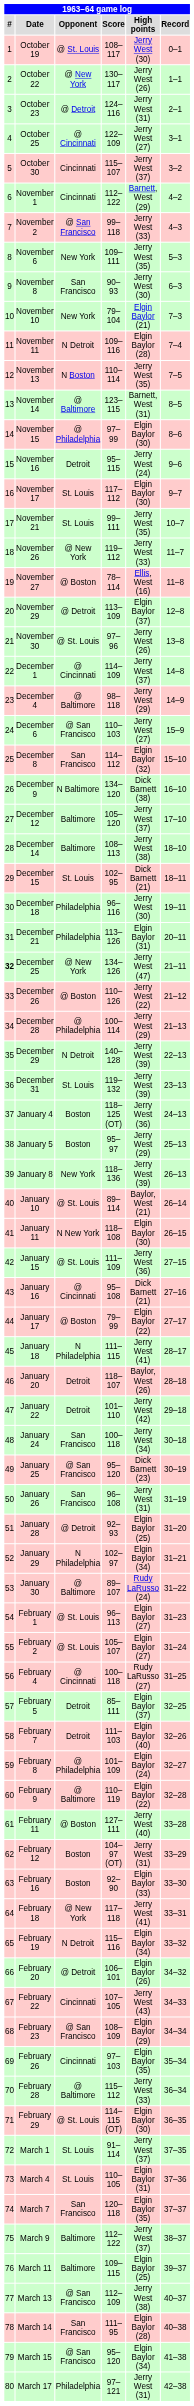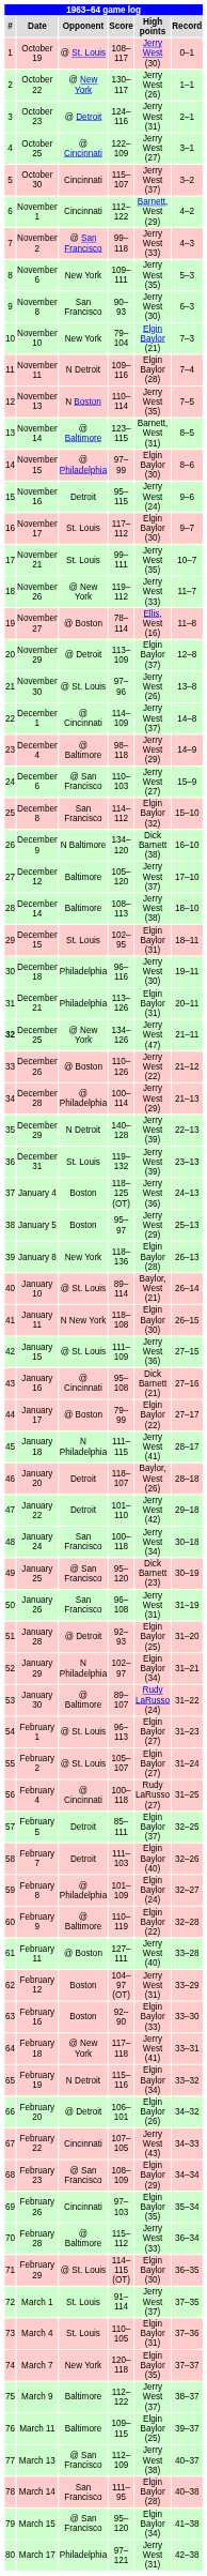 <table class="toccolours collapsible" width=50% style="clear:both; margin:1.5em auto; text-align:center">
 <tr>
 <th colspan=11 style="background:#0000FF; color:#FFFFFF;">1963–64 game log</th>
 </tr>
 <tr align="center" bgcolor="#dddddd">
 <td><strong>#</strong></td>
 <td><strong>Date</strong></td>
 <td><strong>Opponent</strong></td>
 <td><strong>Score</strong></td>
 <td><strong>High points</strong></td>
 <td><strong>Record</strong></td>
 </tr>
 <tr align="center" bgcolor="ffcccc">
 <td>1</td>
 <td>October 19</td>
 <td>@ <a href='#'>St. Louis</a></td>
 <td>108–117</td>
 <td><a href='#'>Jerry West</a> (30)</td>
 <td>0–1</td>
 </tr>
 <tr align="center" bgcolor="ccffcc">
 <td>2</td>
 <td>October 22</td>
 <td>@ <a href='#'>New York</a></td>
 <td>130–117</td>
 <td>Jerry West (26)</td>
 <td>1–1</td>
 </tr>
 <tr align="center" bgcolor="ccffcc">
 <td>3</td>
 <td>October 23</td>
 <td>@ <a href='#'>Detroit</a></td>
 <td>124–116</td>
 <td>Jerry West (31)</td>
 <td>2–1</td>
 </tr>
 <tr align="center" bgcolor="ccffcc">
 <td>4</td>
 <td>October 25</td>
 <td>@ <a href='#'>Cincinnati</a></td>
 <td>122–109</td>
 <td>Jerry West (27)</td>
 <td>3–1</td>
 </tr>
 <tr align="center" bgcolor="ffcccc">
 <td>5</td>
 <td>October 30</td>
 <td>Cincinnati</td>
 <td>115–107</td>
 <td>Jerry West (37)</td>
 <td>3–2</td>
 </tr>
 <tr align="center" bgcolor="ccffcc">
 <td>6</td>
 <td>November 1</td>
 <td>Cincinnati</td>
 <td>112–122</td>
 <td><a href='#'>Barnett</a>, West (29)</td>
 <td>4–2</td>
 </tr>
 <tr align="center" bgcolor="ffcccc">
 <td>7</td>
 <td>November 2</td>
 <td>@ <a href='#'>San Francisco</a></td>
 <td>99–118</td>
 <td>Jerry West (33)</td>
 <td>4–3</td>
 </tr>
 <tr align="center" bgcolor="ccffcc">
 <td>8</td>
 <td>November 6</td>
 <td>New York</td>
 <td>109–111</td>
 <td>Jerry West (35)</td>
 <td>5–3</td>
 </tr>
 <tr align="center" bgcolor="ccffcc">
 <td>9</td>
 <td>November 8</td>
 <td>San Francisco</td>
 <td>90–93</td>
 <td>Jerry West (30)</td>
 <td>6–3</td>
 </tr>
 <tr align="center" bgcolor="ccffcc">
 <td>10</td>
 <td>November 10</td>
 <td>New York</td>
 <td>79–104</td>
 <td><a href='#'>Elgin Baylor</a> (21)</td>
 <td>7–3</td>
 </tr>
 <tr align="center" bgcolor="ffcccc">
 <td>11</td>
 <td>November 11</td>
 <td>N Detroit</td>
 <td>109–116</td>
 <td>Elgin Baylor (28)</td>
 <td>7–4</td>
 </tr>
 <tr align="center" bgcolor="ffcccc">
 <td>12</td>
 <td>November 13</td>
 <td>N <a href='#'>Boston</a></td>
 <td>110–114</td>
 <td>Jerry West (35)</td>
 <td>7–5</td>
 </tr>
 <tr align="center" bgcolor="ccffcc">
 <td>13</td>
 <td>November 14</td>
 <td>@ <a href='#'>Baltimore</a></td>
 <td>123–115</td>
 <td>Barnett, West (31)</td>
 <td>8–5</td>
 </tr>
 <tr align="center" bgcolor="ffcccc">
 <td>14</td>
 <td>November 15</td>
 <td>@ <a href='#'>Philadelphia</a></td>
 <td>97–99</td>
 <td>Elgin Baylor (30)</td>
 <td>8–6</td>
 </tr>
 <tr align="center" bgcolor="ccffcc">
 <td>15</td>
 <td>November 16</td>
 <td>Detroit</td>
 <td>95–115</td>
 <td>Jerry West (24)</td>
 <td>9–6</td>
 </tr>
 <tr align="center" bgcolor="ffcccc">
 <td>16</td>
 <td>November 17</td>
 <td>St. Louis</td>
 <td>117–112</td>
 <td>Elgin Baylor (30)</td>
 <td>9–7</td>
 </tr>
 <tr align="center" bgcolor="ccffcc">
 <td>17</td>
 <td>November 21</td>
 <td>St. Louis</td>
 <td>99–111</td>
 <td>Jerry West (35)</td>
 <td>10–7</td>
 </tr>
 <tr align="center" bgcolor="ccffcc">
 <td>18</td>
 <td>November 26</td>
 <td>@ New York</td>
 <td>119–112</td>
 <td>Jerry West (33)</td>
 <td>11–7</td>
 </tr>
 <tr align="center" bgcolor="ffcccc">
 <td>19</td>
 <td>November 27</td>
 <td>@ Boston</td>
 <td>78–114</td>
 <td><a href='#'>Ellis</a>, West (16)</td>
 <td>11–8</td>
 </tr>
 <tr align="center" bgcolor="ccffcc">
 <td>20</td>
 <td>November 29</td>
 <td>@ Detroit</td>
 <td>113–109</td>
 <td>Elgin Baylor (37)</td>
 <td>12–8</td>
 </tr>
 <tr align="center" bgcolor="ccffcc">
 <td>21</td>
 <td>November 30</td>
 <td>@ St. Louis</td>
 <td>97–96</td>
 <td>Jerry West (26)</td>
 <td>13–8</td>
 </tr>
 <tr align="center" bgcolor="ccffcc">
 <td>22</td>
 <td>December 1</td>
 <td>@ Cincinnati</td>
 <td>114–109</td>
 <td>Jerry West (37)</td>
 <td>14–8</td>
 </tr>
 <tr align="center" bgcolor="ffcccc">
 <td>23</td>
 <td>December 4</td>
 <td>@ Baltimore</td>
 <td>98–118</td>
 <td>Jerry West (29)</td>
 <td>14–9</td>
 </tr>
 <tr align="center" bgcolor="ccffcc">
 <td>24</td>
 <td>December 6</td>
 <td>@ San Francisco</td>
 <td>110–103</td>
 <td>Jerry West (27)</td>
 <td>15–9</td>
 </tr>
 <tr align="center" bgcolor="ffcccc">
 <td>25</td>
 <td>December 8</td>
 <td>San Francisco</td>
 <td>114–112</td>
 <td>Elgin Baylor (32)</td>
 <td>15–10</td>
 </tr>
 <tr align="center" bgcolor="ccffcc">
 <td>26</td>
 <td>December 9</td>
 <td>N Baltimore</td>
 <td>134–120</td>
 <td>Dick Barnett (38)</td>
 <td>16–10</td>
 </tr>
 <tr align="center" bgcolor="ccffcc">
 <td>27</td>
 <td>December 12</td>
 <td>Baltimore</td>
 <td>105–120</td>
 <td>Jerry West (37)</td>
 <td>17–10</td>
 </tr>
 <tr align="center" bgcolor="ccffcc">
 <td>28</td>
 <td>December 14</td>
 <td>Baltimore</td>
 <td>108–113</td>
 <td>Jerry West (38)</td>
 <td>18–10</td>
 </tr>
 <tr align="center" bgcolor="ffcccc">
 <td>29</td>
 <td>December 15</td>
 <td>St. Louis</td>
 <td>102–95</td>
-<td>Dick Barnett (21)</td>
+<td>Elgin Baylor (31)</td>
 <td>18–11</td>
 </tr>
 <tr align="center" bgcolor="ccffcc">
 <td>30</td>
 <td>December 18</td>
 <td>Philadelphia</td>
 <td>96–116</td>
 <td>Jerry West (30)</td>
 <td>19–11</td>
 </tr>
 <tr align="center" bgcolor="ccffcc">
 <td>31</td>
 <td>December 21</td>
 <td>Philadelphia</td>
 <td>113–126</td>
 <td>Elgin Baylor (31)</td>
 <td>20–11</td>
 </tr>
 <tr align="center" bgcolor="ccffcc">
 <td><strong>32</strong></td>
 <td>December 25</td>
 <td>@ New York</td>
 <td>134–126</td>
 <td>Jerry West (47)</td>
 <td>21–11</td>
 </tr>
 <tr align="center" bgcolor="ffcccc">
 <td>33</td>
 <td>December 26</td>
 <td>@ Boston</td>
 <td>110–126</td>
 <td>Jerry West (22)</td>
 <td>21–12</td>
 </tr>
 <tr align="center" bgcolor="ffcccc">
 <td>34</td>
 <td>December 28</td>
 <td>@ Philadelphia</td>
 <td>100–114</td>
 <td>Jerry West (29)</td>
 <td>21–13</td>
 </tr>
 <tr align="center" bgcolor="ccffcc">
 <td>35</td>
 <td>December 29</td>
 <td>N Detroit</td>
 <td>140–128</td>
 <td>Jerry West (39)</td>
 <td>22–13</td>
 </tr>
 <tr align="center" bgcolor="ccffcc">
 <td>36</td>
 <td>December 31</td>
 <td>St. Louis</td>
 <td>119–132</td>
 <td>Jerry West (39)</td>
 <td>23–13</td>
 </tr>
 <tr align="center" bgcolor="ccffcc">
 <td>37</td>
 <td>January 4</td>
 <td>Boston</td>
 <td>118–125 (OT)</td>
 <td>Jerry West (36)</td>
 <td>24–13</td>
 </tr>
 <tr align="center" bgcolor="ccffcc">
 <td>38</td>
 <td>January 5</td>
 <td>Boston</td>
 <td>95–97</td>
 <td>Jerry West (29)</td>
 <td>25–13</td>
 </tr>
 <tr align="center" bgcolor="ccffcc">
 <td>39</td>
 <td>January 8</td>
 <td>New York</td>
 <td>118–136</td>
-<td>Jerry West (39)</td>
+<td>Elgin Baylor (28)</td>
 <td>26–13</td>
 </tr>
 <tr align="center" bgcolor="ffcccc">
 <td>40</td>
 <td>January 10</td>
 <td>@ St. Louis</td>
 <td>89–114</td>
 <td>Baylor, West (21)</td>
 <td>26–14</td>
 </tr>
 <tr align="center" bgcolor="ffcccc">
 <td>41</td>
 <td>January 11</td>
 <td>N New York</td>
 <td>118–108</td>
 <td>Elgin Baylor (30)</td>
 <td>26–15</td>
 </tr>
 <tr align="center" bgcolor="ccffcc">
 <td>42</td>
 <td>January 15</td>
 <td>@ St. Louis</td>
 <td>111–109</td>
 <td>Jerry West (36)</td>
 <td>27–15</td>
 </tr>
 <tr align="center" bgcolor="ffcccc">
 <td>43</td>
 <td>January 16</td>
 <td>@ Cincinnati</td>
 <td>95–108</td>
 <td>Dick Barnett (21)</td>
 <td>27–16</td>
 </tr>
 <tr align="center" bgcolor="ffcccc">
 <td>44</td>
 <td>January 17</td>
 <td>@ Boston</td>
 <td>79–99</td>
 <td>Elgin Baylor (22)</td>
 <td>27–17</td>
 </tr>
 <tr align="center" bgcolor="ccffcc">
 <td>45</td>
 <td>January 18</td>
 <td>N Philadelphia</td>
 <td>111–115</td>
 <td>Jerry West (41)</td>
 <td>28–17</td>
 </tr>
 <tr align="center" bgcolor="ffcccc">
 <td>46</td>
 <td>January 20</td>
 <td>Detroit</td>
 <td>118–107</td>
 <td>Baylor, West (26)</td>
 <td>28–18</td>
 </tr>
 <tr align="center" bgcolor="ccffcc">
 <td>47</td>
 <td>January 22</td>
 <td>Detroit</td>
 <td>101–110</td>
 <td>Jerry West (42)</td>
 <td>29–18</td>
 </tr>
 <tr align="center" bgcolor="ccffcc">
 <td>48</td>
 <td>January 24</td>
 <td>San Francisco</td>
 <td>100–118</td>
 <td>Jerry West (34)</td>
 <td>30–18</td>
 </tr>
 <tr align="center" bgcolor="ffcccc">
 <td>49</td>
 <td>January 25</td>
 <td>@ San Francisco</td>
 <td>95–120</td>
 <td>Dick Barnett (23)</td>
 <td>30–19</td>
 </tr>
 <tr align="center" bgcolor="ccffcc">
 <td>50</td>
 <td>January 26</td>
 <td>San Francisco</td>
 <td>96–108</td>
 <td>Jerry West (31)</td>
 <td>31–19</td>
 </tr>
 <tr align="center" bgcolor="ffcccc">
 <td>51</td>
 <td>January 28</td>
 <td>@ Detroit</td>
 <td>92–93</td>
 <td>Elgin Baylor (25)</td>
 <td>31–20</td>
 </tr>
 <tr align="center" bgcolor="ffcccc">
 <td>52</td>
 <td>January 29</td>
 <td>N Philadelphia</td>
 <td>102–97</td>
 <td>Elgin Baylor (34)</td>
 <td>31–21</td>
 </tr>
 <tr align="center" bgcolor="ffcccc">
 <td>53</td>
 <td>January 30</td>
 <td>@ Baltimore</td>
 <td>89–107</td>
 <td><a href='#'>Rudy LaRusso</a> (24)</td>
 <td>31–22</td>
 </tr>
 <tr align="center" bgcolor="ffcccc">
 <td>54</td>
 <td>February 1</td>
 <td>@ St. Louis</td>
 <td>96–113</td>
 <td>Elgin Baylor (27)</td>
 <td>31–23</td>
 </tr>
 <tr align="center" bgcolor="ffcccc">
 <td>55</td>
 <td>February 2</td>
 <td>@ St. Louis</td>
 <td>105–107</td>
 <td>Elgin Baylor (27)</td>
 <td>31–24</td>
 </tr>
 <tr align="center" bgcolor="ffcccc">
 <td>56</td>
 <td>February 4</td>
 <td>@ Cincinnati</td>
 <td>100–118</td>
 <td>Rudy LaRusso (27)</td>
 <td>31–25</td>
 </tr>
 <tr align="center" bgcolor="ccffcc">
 <td>57</td>
 <td>February 5</td>
 <td>Detroit</td>
 <td>85–111</td>
 <td>Elgin Baylor (37)</td>
 <td>32–25</td>
 </tr>
 <tr align="center" bgcolor="ffcccc">
 <td>58</td>
 <td>February 7</td>
 <td>Detroit</td>
 <td>111–103</td>
 <td>Elgin Baylor (40)</td>
 <td>32–26</td>
 </tr>
 <tr align="center" bgcolor="ffcccc">
 <td>59</td>
 <td>February 8</td>
 <td>@ Philadelphia</td>
 <td>101–109</td>
 <td>Elgin Baylor (24)</td>
 <td>32–27</td>
 </tr>
 <tr align="center" bgcolor="ffcccc">
 <td>60</td>
 <td>February 9</td>
 <td>@ Baltimore</td>
 <td>110–119</td>
 <td>Elgin Baylor (22)</td>
 <td>32–28</td>
 </tr>
 <tr align="center" bgcolor="ccffcc">
 <td>61</td>
 <td>February 11</td>
 <td>@ Boston</td>
 <td>127–111</td>
 <td>Jerry West (40)</td>
 <td>33–28</td>
 </tr>
 <tr align="center" bgcolor="ffcccc">
 <td>62</td>
 <td>February 12</td>
 <td>Boston</td>
 <td>104–97 (OT)</td>
 <td>Jerry West (31)</td>
 <td>33–29</td>
 </tr>
 <tr align="center" bgcolor="ffcccc">
 <td>63</td>
 <td>February 16</td>
 <td>Boston</td>
 <td>92–90</td>
 <td>Elgin Baylor (33)</td>
 <td>33–30</td>
 </tr>
 <tr align="center" bgcolor="ffcccc">
 <td>64</td>
 <td>February 18</td>
 <td>@ New York</td>
 <td>117–118</td>
 <td>Jerry West (41)</td>
 <td>33–31</td>
 </tr>
 <tr align="center" bgcolor="ffcccc">
 <td>65</td>
 <td>February 19</td>
 <td>N Detroit</td>
 <td>115–116</td>
 <td>Elgin Baylor (34)</td>
 <td>33–32</td>
 </tr>
 <tr align="center" bgcolor="ccffcc">
 <td>66</td>
 <td>February 20</td>
 <td>@ Detroit</td>
 <td>106–101</td>
 <td>Elgin Baylor (26)</td>
 <td>34–32</td>
 </tr>
 <tr align="center" bgcolor="ffcccc">
 <td>67</td>
 <td>February 22</td>
 <td>Cincinnati</td>
 <td>107–105</td>
 <td>Jerry West (43)</td>
 <td>34–33</td>
 </tr>
 <tr align="center" bgcolor="ffcccc">
 <td>68</td>
 <td>February 23</td>
 <td>@ San Francisco</td>
 <td>108–109</td>
 <td>Elgin Baylor (29)</td>
 <td>34–34</td>
 </tr>
 <tr align="center" bgcolor="ccffcc">
 <td>69</td>
 <td>February 26</td>
 <td>Cincinnati</td>
 <td>97–103</td>
 <td>Elgin Baylor (35)</td>
 <td>35–34</td>
 </tr>
 <tr align="center" bgcolor="ccffcc">
 <td>70</td>
 <td>February 28</td>
 <td>@ Baltimore</td>
 <td>115–112</td>
 <td>Jerry West (33)</td>
 <td>36–34</td>
 </tr>
 <tr align="center" bgcolor="ffcccc">
 <td>71</td>
 <td>February 29</td>
 <td>@ St. Louis</td>
 <td>114–115 (OT)</td>
 <td>Elgin Baylor (30)</td>
 <td>36–35</td>
 </tr>
 <tr align="center" bgcolor="ccffcc">
 <td>72</td>
 <td>March 1</td>
 <td>St. Louis</td>
 <td>91–114</td>
 <td>Jerry West (37)</td>
 <td>37–35</td>
 </tr>
 <tr align="center" bgcolor="ffcccc">
 <td>73</td>
 <td>March 4</td>
 <td>St. Louis</td>
 <td>110–105</td>
 <td>Elgin Baylor (31)</td>
 <td>37–36</td>
 </tr>
 <tr align="center" bgcolor="ffcccc">
 <td>74</td>
 <td>March 7</td>
-<td>San Francisco</td>
+<td>New York</td>
 <td>120–118</td>
 <td>Elgin Baylor (35)</td>
 <td>37–37</td>
 </tr>
 <tr align="center" bgcolor="ccffcc">
 <td>75</td>
 <td>March 9</td>
 <td>Baltimore</td>
 <td>112–122</td>
 <td>Jerry West (37)</td>
 <td>38–37</td>
 </tr>
 <tr align="center" bgcolor="ccffcc">
 <td>76</td>
 <td>March 11</td>
 <td>Baltimore</td>
 <td>109–115</td>
 <td>Elgin Baylor (25)</td>
 <td>39–37</td>
 </tr>
 <tr align="center" bgcolor="ccffcc">
 <td>77</td>
 <td>March 13</td>
 <td>@ San Francisco</td>
 <td>112–109</td>
 <td>Jerry West (38)</td>
 <td>40–37</td>
 </tr>
 <tr align="center" bgcolor="ffcccc">
 <td>78</td>
 <td>March 14</td>
 <td>San Francisco</td>
 <td>111–95</td>
 <td>Elgin Baylor (28)</td>
 <td>40–38</td>
 </tr>
 <tr align="center" bgcolor="ccffcc">
 <td>79</td>
 <td>March 15</td>
 <td>@ San Francisco</td>
 <td>95–120</td>
 <td>Elgin Baylor (34)</td>
 <td>41–38</td>
 </tr>
 <tr align="center" bgcolor="ccffcc">
 <td>80</td>
 <td>March 17</td>
 <td>Philadelphia</td>
 <td>97–121</td>
 <td>Jerry West (31)</td>
 <td>42–38</td>
 </tr>
 </table>
